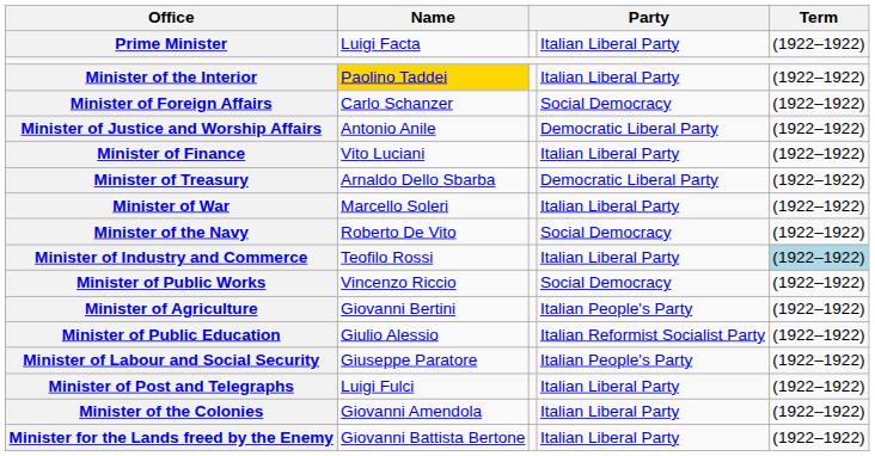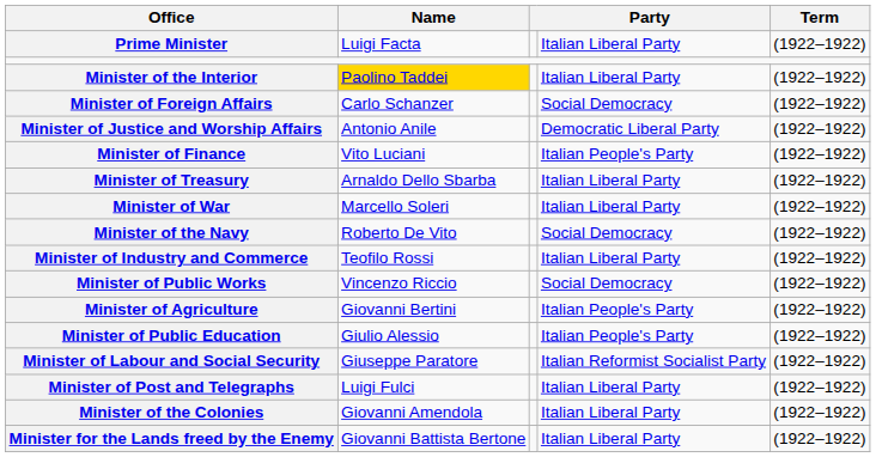 <table class="wikitable" style="font-size: 100%;">
 <tr>
 <th>Office</th>
 <th>Name</th>
 <th colspan=2>Party</th>
 <th>Term</th>
 </tr>
 <tr>
 <th><a href='#'>Prime Minister</a></th>
 <td><a href='#'>Luigi Facta</a></td>
 <td style="color:inherit;background:"></td>
 <td><a href='#'>Italian Liberal Party</a></td>
 <td>(1922–1922)</td>
 </tr>
 <tr>
 <td colspan=6></td>
 </tr>
 <tr>
 <th><a href='#'>Minister of the Interior</a></th>
 <td style="background: gold;"><a href='#'>Paolino Taddei</a></td>
 <td style="color:inherit;background:"></td>
 <td><a href='#'>Italian Liberal Party</a></td>
 <td>(1922–1922)</td>
 </tr>
 <tr>
 <th><a href='#'>Minister of Foreign Affairs</a></th>
 <td><a href='#'>Carlo Schanzer</a></td>
 <td style="color:inherit;background:"></td>
 <td><a href='#'>Social Democracy</a></td>
 <td>(1922–1922)</td>
 </tr>
 <tr>
 <th><a href='#'>Minister of Justice and Worship Affairs</a></th>
 <td><a href='#'>Antonio Anile</a></td>
 <td style="color:inherit;background:"></td>
 <td><a href='#'>Democratic Liberal Party</a></td>
 <td>(1922–1922)</td>
 </tr>
 <tr>
 <th><a href='#'>Minister of Finance</a></th>
 <td><a href='#'>Vito Luciani</a></td>
 <td style="color:inherit;background:"></td>
-<td><a href='#'>Italian Liberal Party</a></td>
+<td><a href='#'>Italian People's Party</a></td>
 <td>(1922–1922)</td>
 </tr>
 <tr>
 <th><a href='#'>Minister of Treasury</a></th>
 <td><a href='#'>Arnaldo Dello Sbarba</a></td>
 <td style="color:inherit;background:"></td>
-<td><a href='#'>Democratic Liberal Party</a></td>
+<td><a href='#'>Italian Liberal Party</a></td>
 <td>(1922–1922)</td>
 </tr>
 <tr>
 <th><a href='#'>Minister of War</a></th>
 <td><a href='#'>Marcello Soleri</a></td>
 <td style="color:inherit;background:"></td>
 <td><a href='#'>Italian Liberal Party</a></td>
 <td>(1922–1922)</td>
 </tr>
 <tr>
 <th><a href='#'>Minister of the Navy</a></th>
 <td><a href='#'>Roberto De Vito</a></td>
 <td style="color:inherit;background:"></td>
 <td><a href='#'>Social Democracy</a></td>
 <td>(1922–1922)</td>
 </tr>
 <tr>
 <th><a href='#'>Minister of Industry and Commerce</a></th>
 <td><a href='#'>Teofilo Rossi</a></td>
 <td style="color:inherit;background:"></td>
 <td><a href='#'>Italian Liberal Party</a></td>
-<td style="background: lightblue;">(1922–1922)</td>
+<td>(1922–1922)</td>
 </tr>
 <tr>
 <th><a href='#'>Minister of Public Works</a></th>
 <td><a href='#'>Vincenzo Riccio</a></td>
 <td style="color:inherit;background:"></td>
 <td><a href='#'>Social Democracy</a></td>
 <td>(1922–1922)</td>
 </tr>
 <tr>
 <th><a href='#'>Minister of Agriculture</a></th>
 <td><a href='#'>Giovanni Bertini</a></td>
 <td style="color:inherit;background:"></td>
 <td><a href='#'>Italian People's Party</a></td>
 <td>(1922–1922)</td>
 </tr>
 <tr>
 <th><a href='#'>Minister of Public Education</a></th>
 <td><a href='#'>Giulio Alessio</a></td>
 <td style="color:inherit;background:"></td>
-<td><a href='#'>Italian Reformist Socialist Party</a></td>
+<td><a href='#'>Italian People's Party</a></td>
 <td>(1922–1922)</td>
 </tr>
 <tr>
 <th><a href='#'>Minister of Labour and Social Security</a></th>
 <td><a href='#'>Giuseppe Paratore</a></td>
 <td style="color:inherit;background:"></td>
-<td><a href='#'>Italian People's Party</a></td>
+<td><a href='#'>Italian Reformist Socialist Party</a></td>
 <td>(1922–1922)</td>
 </tr>
 <tr>
 <th><a href='#'>Minister of Post and Telegraphs</a></th>
 <td><a href='#'>Luigi Fulci</a></td>
 <td style="color:inherit;background:"></td>
 <td><a href='#'>Italian Liberal Party</a></td>
 <td>(1922–1922)</td>
 </tr>
 <tr>
 <th><a href='#'>Minister of the Colonies</a></th>
 <td><a href='#'>Giovanni Amendola</a></td>
 <td style="color:inherit;background:"></td>
 <td><a href='#'>Italian Liberal Party</a></td>
 <td>(1922–1922)</td>
 </tr>
 <tr>
 <th><a href='#'>Minister for the Lands freed by the Enemy</a></th>
 <td><a href='#'>Giovanni Battista Bertone</a></td>
 <td style="color:inherit;background:"></td>
 <td><a href='#'>Italian Liberal Party</a></td>
 <td>(1922–1922)</td>
 </tr>
 </table>
